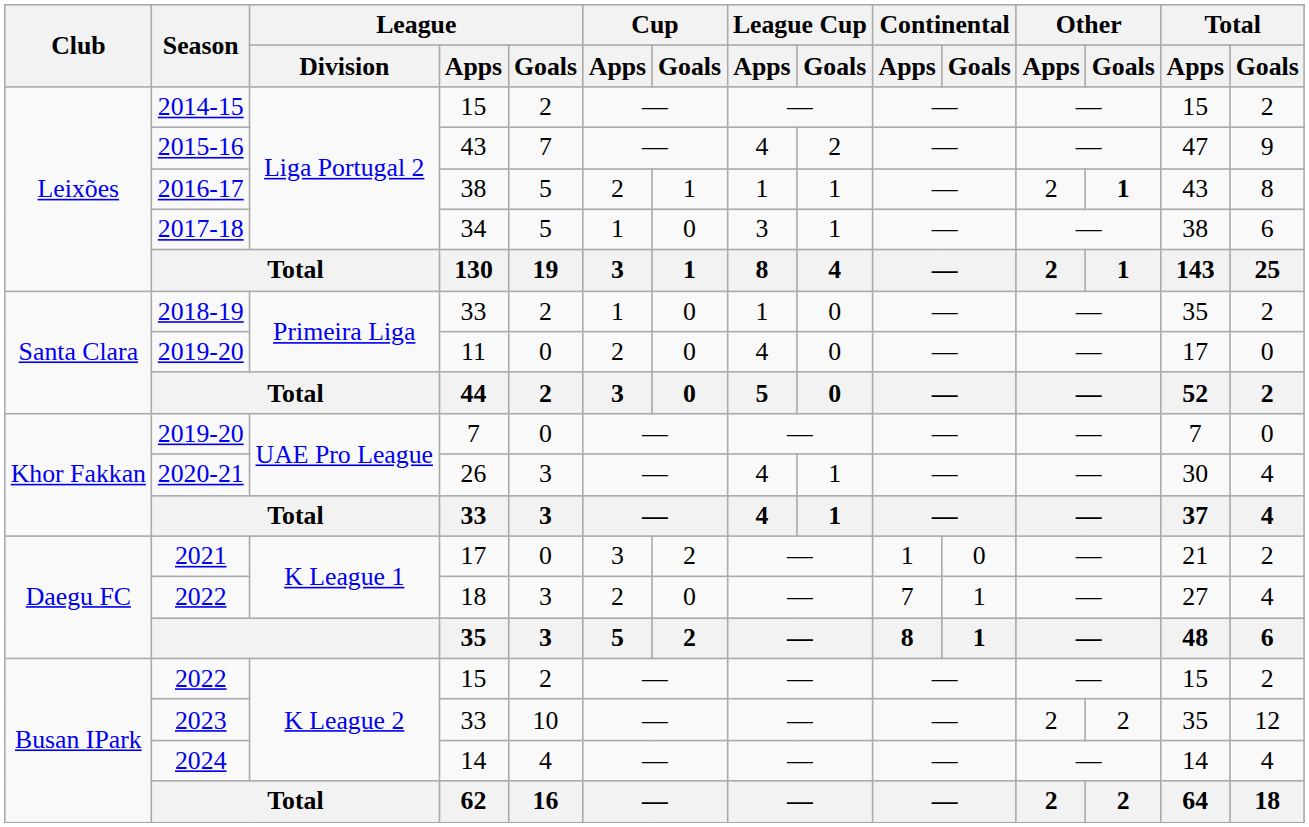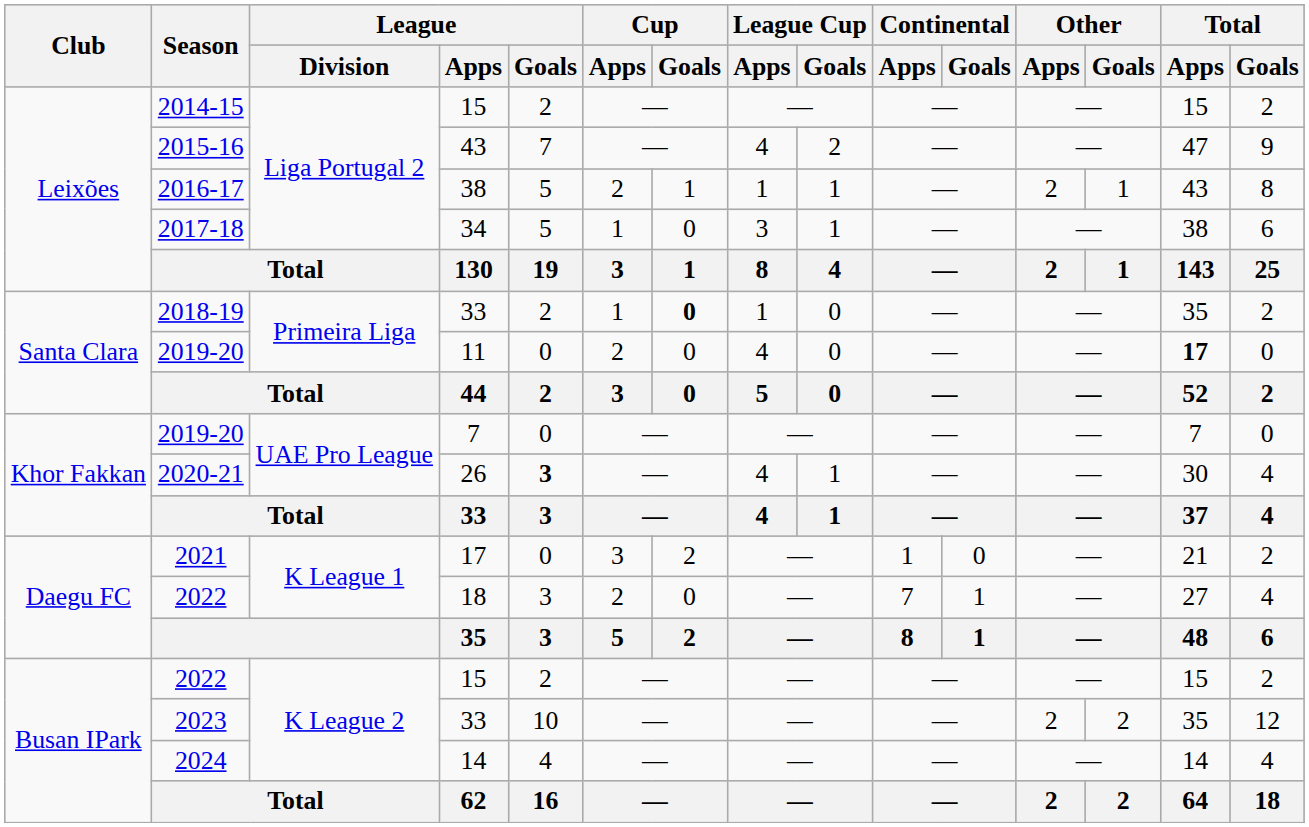 <table class="wikitable" border="1" style="text-align: center;">
 <tr>
 <th rowspan="2">Club</th>
 <th rowspan="2">Season</th>
 <th colspan="3">League</th>
 <th colspan="2">Cup</th>
 <th colspan="2">League Cup</th>
 <th colspan="2">Continental</th>
 <th colspan="2">Other</th>
 <th colspan="2">Total</th>
 </tr>
 <tr>
 <th>Division</th>
 <th>Apps</th>
 <th>Goals</th>
 <th>Apps</th>
 <th>Goals</th>
 <th>Apps</th>
 <th>Goals</th>
 <th>Apps</th>
 <th>Goals</th>
 <th>Apps</th>
 <th>Goals</th>
 <th>Apps</th>
 <th>Goals</th>
 </tr>
 <tr>
 <td rowspan="5"><a href='#'>Leixões</a></td>
 <td><a href='#'>2014-15</a></td>
 <td rowspan="4"><a href='#'>Liga Portugal 2</a></td>
 <td>15</td>
 <td>2</td>
 <td colspan="2">—</td>
 <td colspan="2">—</td>
 <td colspan="2">—</td>
 <td colspan="2">—</td>
 <td>15</td>
 <td>2</td>
 </tr>
 <tr>
 <td><a href='#'>2015-16</a></td>
 <td>43</td>
 <td>7</td>
 <td colspan="2">—</td>
 <td>4</td>
 <td>2</td>
 <td colspan="2">—</td>
 <td colspan="2">—</td>
 <td>47</td>
 <td>9</td>
 </tr>
 <tr>
 <td><a href='#'>2016-17</a></td>
 <td>38</td>
 <td>5</td>
 <td>2</td>
 <td>1</td>
 <td>1</td>
 <td>1</td>
 <td colspan="2">—</td>
 <td>2</td>
-<td><strong>1</strong></td>
+<td>1</td>
 <td>43</td>
 <td>8</td>
 </tr>
 <tr>
 <td><a href='#'>2017-18</a></td>
 <td>34</td>
 <td>5</td>
 <td>1</td>
 <td>0</td>
 <td>3</td>
 <td>1</td>
 <td colspan="2">—</td>
 <td colspan="2">—</td>
 <td>38</td>
 <td>6</td>
 </tr>
 <tr>
 <th colspan="2">Total</th>
 <th>130</th>
 <th>19</th>
 <th>3</th>
 <th>1</th>
 <th>8</th>
 <th>4</th>
 <th colspan="2">—</th>
 <th>2</th>
 <th>1</th>
 <th>143</th>
 <th>25</th>
 </tr>
 <tr>
 <td rowspan="3"><a href='#'>Santa Clara</a></td>
 <td><a href='#'>2018-19</a></td>
 <td rowspan="2"><a href='#'>Primeira Liga</a></td>
 <td>33</td>
 <td>2</td>
 <td>1</td>
-<td>0</td>
+<td><strong>0</strong></td>
 <td>1</td>
 <td>0</td>
 <td colspan="2">—</td>
 <td colspan="2">—</td>
 <td>35</td>
 <td>2</td>
 </tr>
 <tr>
 <td><a href='#'>2019-20</a></td>
 <td>11</td>
 <td>0</td>
 <td>2</td>
 <td>0</td>
 <td>4</td>
 <td>0</td>
 <td colspan="2">—</td>
 <td colspan="2">—</td>
-<td>17</td>
+<td><strong>17</strong></td>
 <td>0</td>
 </tr>
 <tr>
 <th colspan="2">Total</th>
 <th>44</th>
 <th>2</th>
 <th>3</th>
 <th>0</th>
 <th>5</th>
 <th>0</th>
 <th colspan="2">—</th>
 <th colspan="2">—</th>
 <th>52</th>
 <th>2</th>
 </tr>
 <tr>
 <td rowspan="3"><a href='#'>Khor Fakkan</a></td>
 <td><a href='#'>2019-20</a></td>
 <td rowspan="2"><a href='#'>UAE Pro League</a></td>
 <td>7</td>
 <td>0</td>
 <td colspan="2">—</td>
 <td colspan="2">—</td>
 <td colspan="2">—</td>
 <td colspan="2">—</td>
 <td>7</td>
 <td>0</td>
 </tr>
 <tr>
 <td><a href='#'>2020-21</a></td>
 <td>26</td>
-<td>3</td>
+<td><strong>3</strong></td>
 <td colspan="2">—</td>
 <td>4</td>
 <td>1</td>
 <td colspan="2">—</td>
 <td colspan="2">—</td>
 <td>30</td>
 <td>4</td>
 </tr>
 <tr>
 <th colspan="2">Total</th>
 <th>33</th>
 <th>3</th>
 <th colspan="2">—</th>
 <th>4</th>
 <th>1</th>
 <th colspan="2">—</th>
 <th colspan="2">—</th>
 <th>37</th>
 <th>4</th>
 </tr>
 <tr>
 <td rowspan="3"><a href='#'>Daegu FC</a></td>
 <td><a href='#'>2021</a></td>
 <td rowspan="2"><a href='#'>K League 1</a></td>
 <td>17</td>
 <td>0</td>
 <td>3</td>
 <td>2</td>
 <td colspan="2">—</td>
 <td>1</td>
 <td>0</td>
 <td colspan="2">—</td>
 <td>21</td>
 <td>2</td>
 </tr>
 <tr>
 <td><a href='#'>2022</a></td>
 <td>18</td>
 <td>3</td>
 <td>2</td>
 <td>0</td>
 <td colspan="2">—</td>
 <td>7</td>
 <td>1</td>
 <td colspan="2">—</td>
 <td>27</td>
 <td>4</td>
 </tr>
 <tr>
 <th colspan="2"></th>
 <th>35</th>
 <th>3</th>
 <th>5</th>
 <th>2</th>
 <th colspan="2">—</th>
 <th>8</th>
 <th>1</th>
 <th colspan="2">—</th>
 <th>48</th>
 <th>6</th>
 </tr>
 <tr>
 <td rowspan="4"><a href='#'>Busan IPark</a></td>
 <td><a href='#'>2022</a></td>
 <td rowspan="3"><a href='#'>K League 2</a></td>
 <td>15</td>
 <td>2</td>
 <td colspan="2">—</td>
 <td colspan="2">—</td>
 <td colspan="2">—</td>
 <td colspan="2">—</td>
 <td>15</td>
 <td>2</td>
 </tr>
 <tr>
 <td><a href='#'>2023</a></td>
 <td>33</td>
 <td>10</td>
 <td colspan="2">—</td>
 <td colspan="2">—</td>
 <td colspan="2">—</td>
 <td>2</td>
 <td>2</td>
 <td>35</td>
 <td>12</td>
 </tr>
 <tr>
 <td><a href='#'>2024</a></td>
 <td>14</td>
 <td>4</td>
 <td colspan="2">—</td>
 <td colspan="2">—</td>
 <td colspan="2">—</td>
 <td colspan="2">—</td>
 <td>14</td>
 <td>4</td>
 </tr>
 <tr>
 <th colspan="2">Total</th>
 <th>62</th>
 <th>16</th>
 <th colspan="2">—</th>
 <th colspan="2">—</th>
 <th colspan="2">—</th>
 <th>2</th>
 <th>2</th>
 <th>64</th>
 <th>18</th>
 </tr>
 </table>
